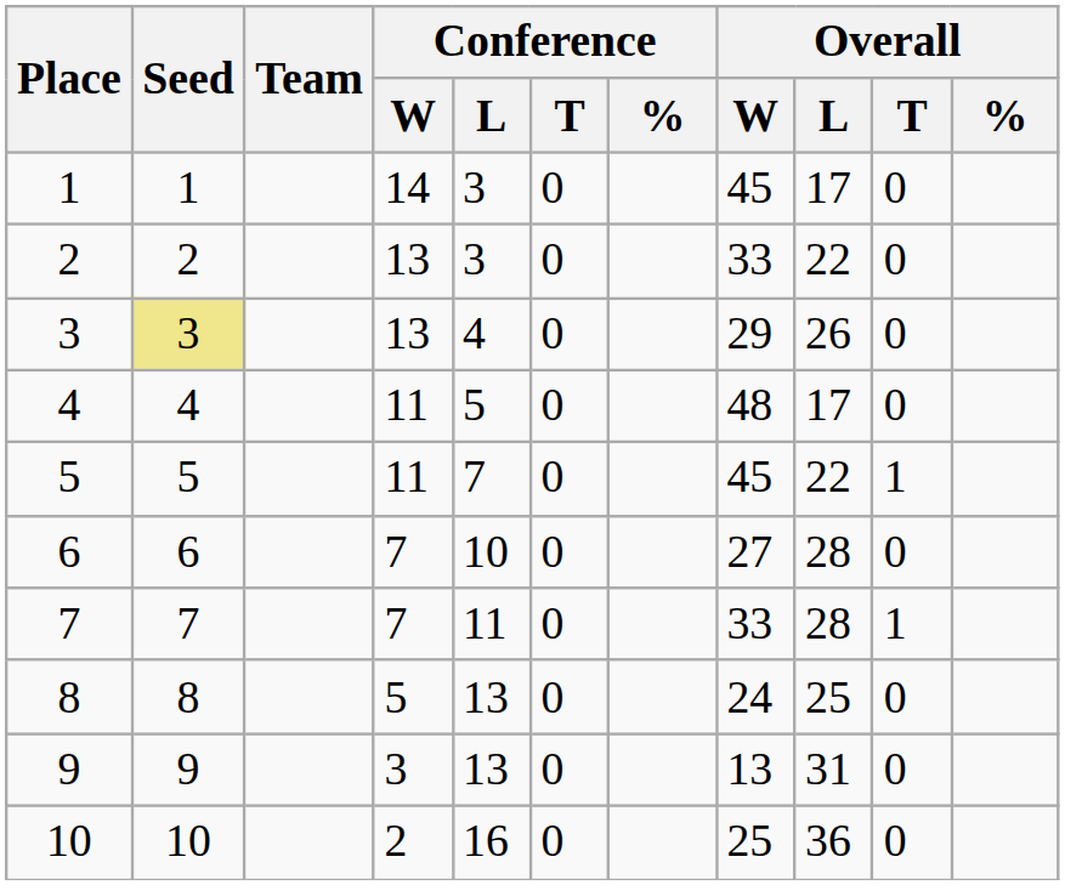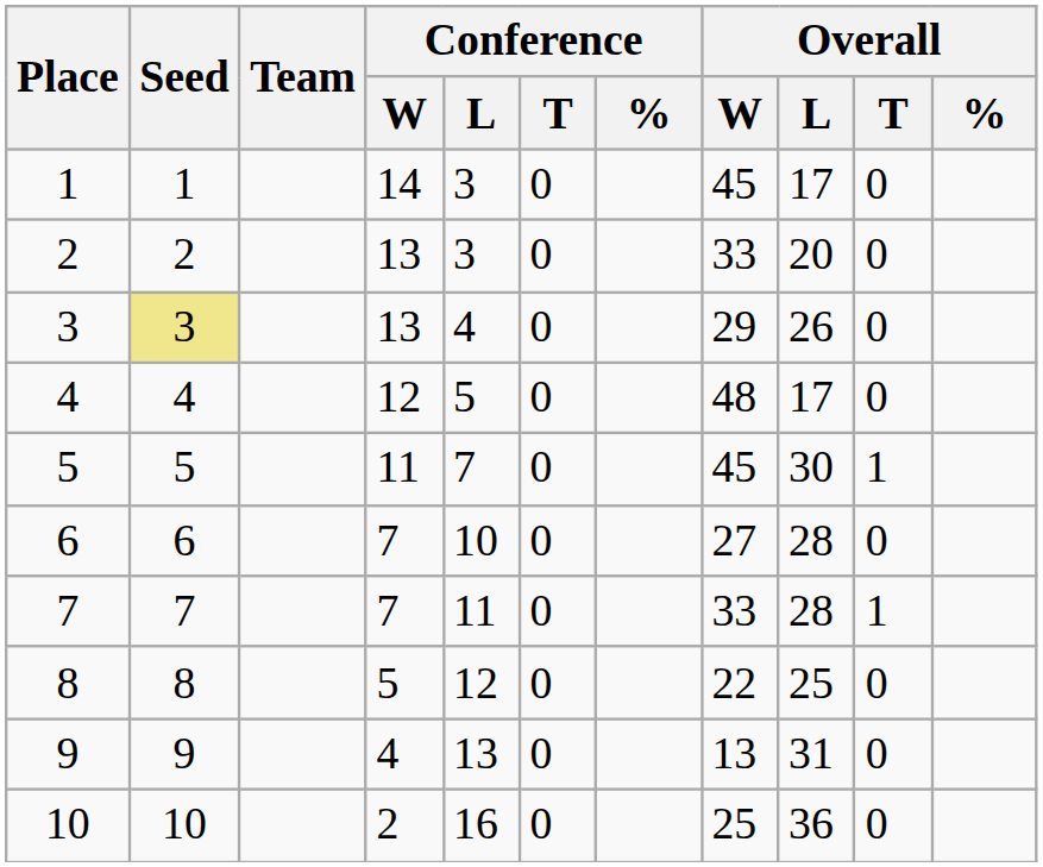 <table class="wikitable">
 <tr>
 <th rowspan ="2">Place</th>
 <th rowspan ="2">Seed</th>
 <th rowspan ="2">Team</th>
 <th colspan = "4">Conference</th>
 <th colspan = "4">Overall</th>
 </tr>
 <tr>
 <th scope="col" style="width: 20px;">W</th>
 <th scope="col" style="width: 20px;">L</th>
 <th scope="col" style="width: 20px;">T</th>
 <th scope="col" style="width: 30px;">%</th>
 <th scope="col" style="width: 20px;">W</th>
 <th scope="col" style="width: 20px;">L</th>
 <th scope="col" style="width: 20px;">T</th>
 <th scope="col" style="width: 30px;">%</th>
 </tr>
 <tr>
 <td style="text-align:center;">1</td>
 <td style="text-align:center;">1</td>
 <td></td>
 <td>14</td>
 <td>3</td>
 <td>0</td>
 <td></td>
 <td>45</td>
 <td>17</td>
 <td>0</td>
 <td></td>
 </tr>
 <tr>
 <td style="text-align:center;">2</td>
 <td style="text-align:center;">2</td>
 <td></td>
 <td>13</td>
 <td>3</td>
 <td>0</td>
 <td></td>
 <td>33</td>
-<td>22</td>
+<td>20</td>
 <td>0</td>
 <td></td>
 </tr>
 <tr>
 <td style="text-align:center;">3</td>
 <td style="background: khaki; text-align:center;">3</td>
 <td></td>
 <td>13</td>
 <td>4</td>
 <td>0</td>
 <td></td>
 <td>29</td>
 <td>26</td>
 <td>0</td>
 <td></td>
 </tr>
 <tr>
 <td style="text-align:center;">4</td>
 <td style="text-align:center;">4</td>
 <td></td>
-<td>11</td>
+<td>12</td>
 <td>5</td>
 <td>0</td>
 <td></td>
 <td>48</td>
 <td>17</td>
 <td>0</td>
 <td></td>
 </tr>
 <tr>
 <td style="text-align:center;">5</td>
 <td style="text-align:center;">5</td>
 <td></td>
 <td>11</td>
 <td>7</td>
 <td>0</td>
 <td></td>
 <td>45</td>
-<td>22</td>
+<td>30</td>
 <td>1</td>
 <td></td>
 </tr>
 <tr>
 <td style="text-align:center;">6</td>
 <td style="text-align:center;">6</td>
 <td></td>
 <td>7</td>
 <td>10</td>
 <td>0</td>
 <td></td>
 <td>27</td>
 <td>28</td>
 <td>0</td>
 <td></td>
 </tr>
 <tr>
 <td style="text-align:center;">7</td>
 <td style="text-align:center;">7</td>
 <td></td>
 <td>7</td>
 <td>11</td>
 <td>0</td>
 <td></td>
 <td>33</td>
 <td>28</td>
 <td>1</td>
 <td></td>
 </tr>
 <tr>
 <td style="text-align:center;">8</td>
 <td style="text-align:center;">8</td>
 <td></td>
 <td>5</td>
-<td>13</td>
+<td>12</td>
 <td>0</td>
 <td></td>
-<td>24</td>
+<td>22</td>
 <td>25</td>
 <td>0</td>
 <td></td>
 </tr>
 <tr>
 <td style="text-align:center;">9</td>
 <td style="text-align:center;">9</td>
 <td></td>
-<td>3</td>
+<td>4</td>
 <td>13</td>
 <td>0</td>
 <td></td>
 <td>13</td>
 <td>31</td>
 <td>0</td>
 <td></td>
 </tr>
 <tr>
 <td style="text-align:center;">10</td>
 <td style="text-align:center;">10</td>
 <td></td>
 <td>2</td>
 <td>16</td>
 <td>0</td>
 <td></td>
 <td>25</td>
 <td>36</td>
 <td>0</td>
 <td></td>
 </tr>
 </table>
